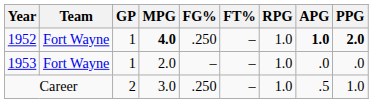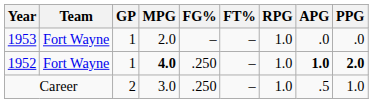 <table class="wikitable sortable" style="font-size:95%; text-align:right;">
 <tr>
 <th>Year</th>
 <th>Team</th>
 <th>GP</th>
 <th>MPG</th>
 <th>FG%</th>
 <th>FT%</th>
 <th>RPG</th>
 <th>APG</th>
 <th>PPG</th>
 </tr>
 <tr>
+<td style="text-align:left;"><a href='#'>1953</a></td>
+<td style="text-align:left;"><a href='#'>Fort Wayne</a></td>
+<td>1</td>
+<td>2.0</td>
+<td>–</td>
+<td>–</td>
+<td>1.0</td>
+<td>.0</td>
+<td>.0</td>
+</tr>
+<tr>
 <td style="text-align:left;"><a href='#'>1952</a></td>
 <td style="text-align:left;"><a href='#'>Fort Wayne</a></td>
 <td>1</td>
 <td><strong>4.0</strong></td>
 <td>.250</td>
 <td>–</td>
 <td>1.0</td>
 <td><strong>1.0</strong></td>
 <td><strong>2.0</strong></td>
-</tr>
-<tr>
-<td style="text-align:left;"><a href='#'>1953</a></td>
-<td style="text-align:left;"><a href='#'>Fort Wayne</a></td>
-<td>1</td>
-<td>2.0</td>
-<td>–</td>
-<td>–</td>
-<td>1.0</td>
-<td>.0</td>
-<td>.0</td>
 </tr>
 <tr>
 <td colspan="2" style="text-align:center;">Career</td>
 <td>2</td>
 <td>3.0</td>
 <td>.250</td>
 <td>–</td>
 <td>1.0</td>
 <td>.5</td>
 <td>1.0</td>
 </tr>
 </table>
